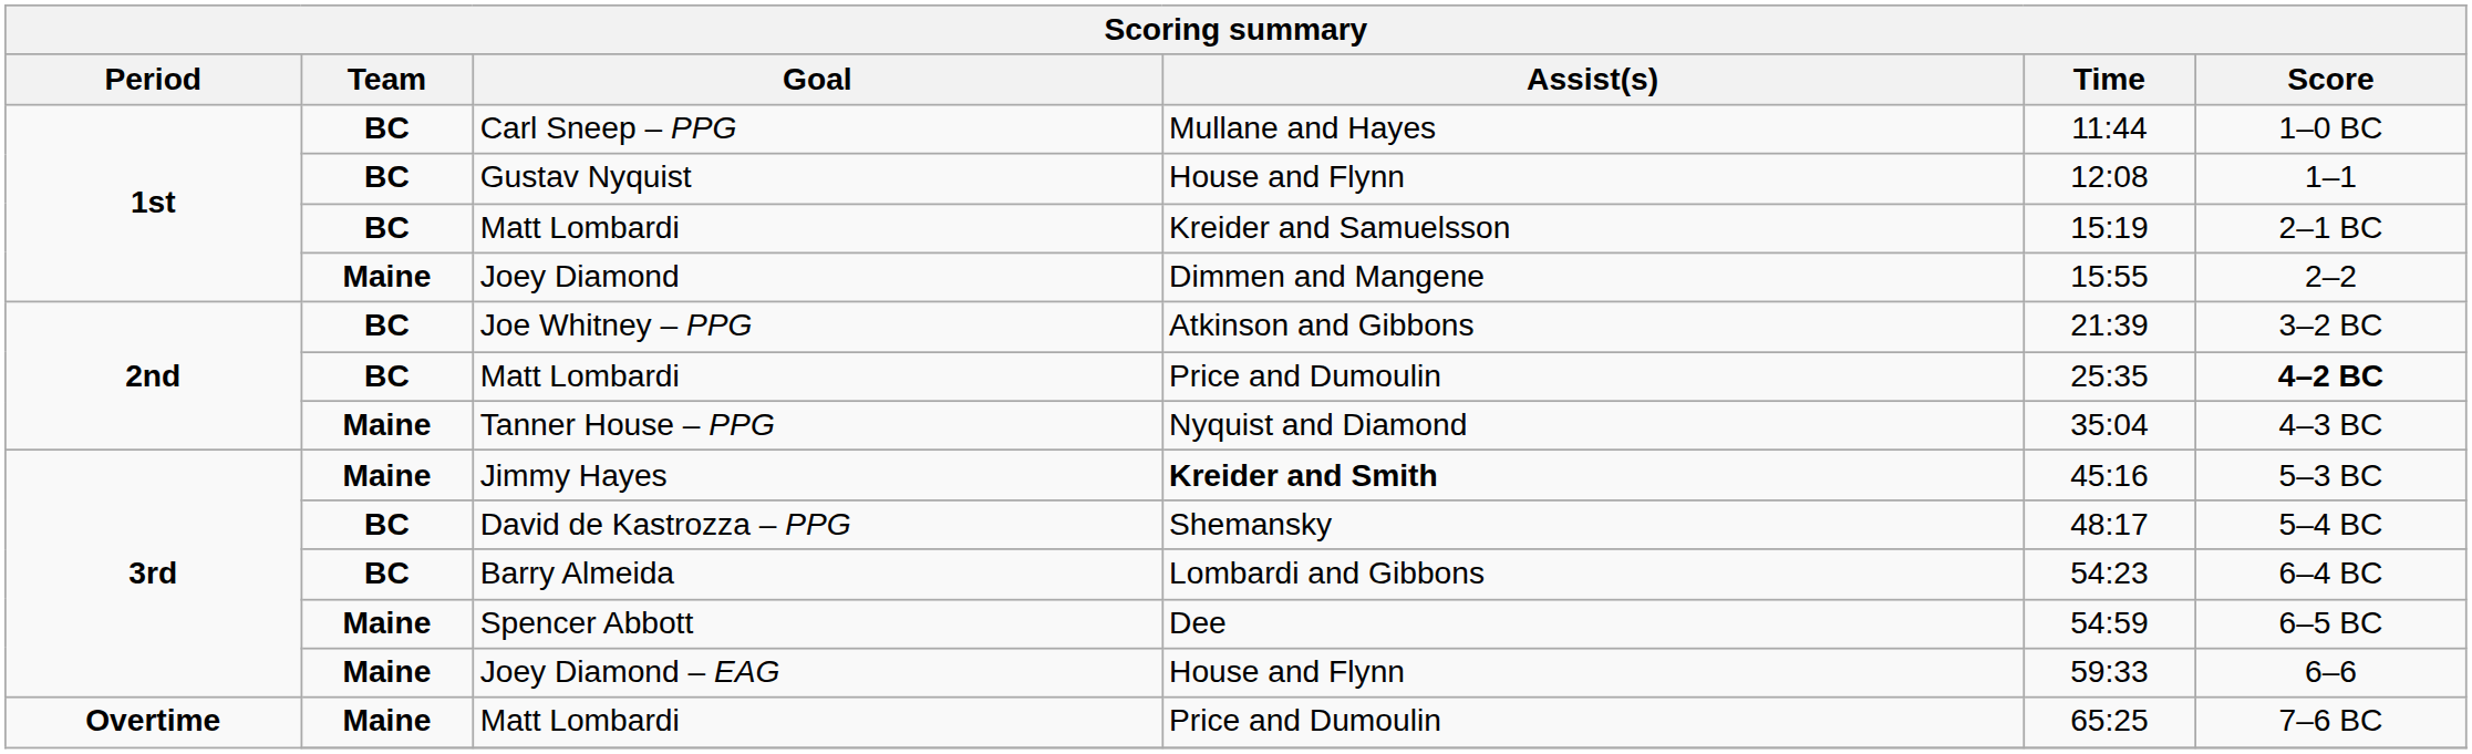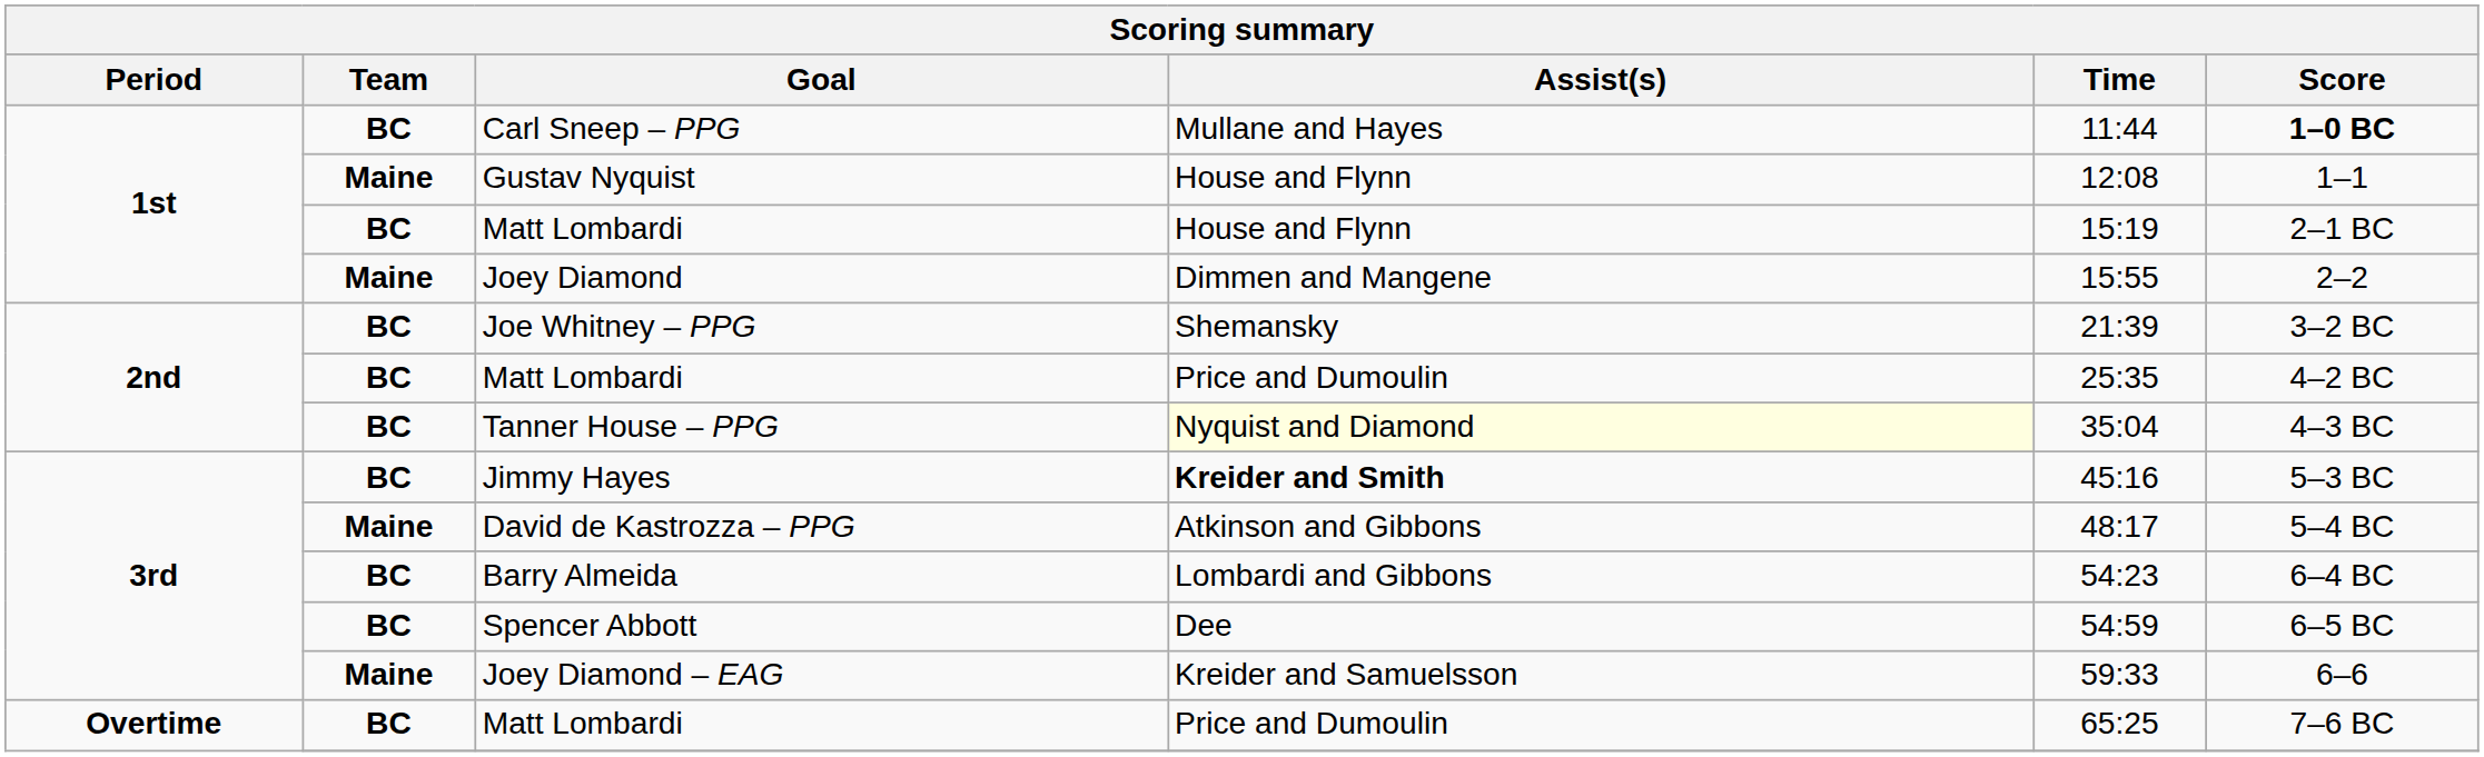 <table style="width:100%;" class="wikitable">
 <tr>
 <th colspan=6>Scoring summary</th>
 </tr>
 <tr>
 <th style="width:12%;">Period</th>
 <th style="width:7%;">Team</th>
 <th style="width:28%;">Goal</th>
 <th style="width:35%;">Assist(s)</th>
 <th style="width:7%;">Time</th>
 <th style="width:11%;">Score</th>
 </tr>
 <tr>
 <td style="text-align:center;" rowspan="4"><strong>1st</strong></td>
 <td align=center><strong>BC</strong></td>
 <td>Carl Sneep – <em>PPG</em></td>
 <td>Mullane and Hayes</td>
 <td align=center>11:44</td>
-<td align=center>1–0 BC</td>
+<td align=center><strong>1–0 BC</strong></td>
 </tr>
 <tr>
-<td align=center><strong>BC</strong></td>
+<td align=center><strong>Maine</strong></td>
 <td>Gustav Nyquist</td>
 <td>House and Flynn</td>
 <td align=center>12:08</td>
 <td align=center>1–1</td>
 </tr>
 <tr>
 <td align=center><strong>BC</strong></td>
 <td>Matt Lombardi</td>
-<td>Kreider and Samuelsson</td>
+<td>House and Flynn</td>
 <td align=center>15:19</td>
 <td align=center>2–1 BC</td>
 </tr>
 <tr>
 <td align=center><strong>Maine</strong></td>
 <td>Joey Diamond</td>
 <td>Dimmen and Mangene</td>
 <td align=center>15:55</td>
 <td align=center>2–2</td>
 </tr>
 <tr>
 <td style="text-align:center;" rowspan="3"><strong>2nd</strong></td>
 <td align=center><strong>BC</strong></td>
 <td>Joe Whitney – <em>PPG</em></td>
-<td>Atkinson and Gibbons</td>
+<td>Shemansky</td>
 <td align=center>21:39</td>
 <td align=center>3–2 BC</td>
 </tr>
 <tr>
 <td align=center><strong>BC</strong></td>
 <td>Matt Lombardi</td>
 <td>Price and Dumoulin</td>
 <td align=center>25:35</td>
-<td align=center><strong>4–2 BC</strong></td>
+<td align=center>4–2 BC</td>
 </tr>
 <tr>
-<td align=center><strong>Maine</strong></td>
+<td align=center><strong>BC</strong></td>
 <td>Tanner House – <em>PPG</em></td>
-<td>Nyquist and Diamond</td>
+<td style="background: lightyellow;">Nyquist and Diamond</td>
 <td align=center>35:04</td>
 <td align=center>4–3 BC</td>
 </tr>
 <tr>
 <td style="text-align:center;" rowspan="5"><strong>3rd</strong></td>
-<td align=center><strong>Maine</strong></td>
+<td align=center><strong>BC</strong></td>
 <td>Jimmy Hayes</td>
 <td><strong>Kreider and Smith</strong></td>
 <td align=center>45:16</td>
 <td align=center>5–3 BC</td>
 </tr>
 <tr>
-<td align=center><strong>BC</strong></td>
+<td align=center><strong>Maine</strong></td>
 <td>David de Kastrozza – <em>PPG</em></td>
-<td>Shemansky</td>
+<td>Atkinson and Gibbons</td>
 <td align=center>48:17</td>
 <td align=center>5–4 BC</td>
 </tr>
 <tr>
 <td align=center><strong>BC</strong></td>
 <td>Barry Almeida</td>
 <td>Lombardi and Gibbons</td>
 <td align=center>54:23</td>
 <td align=center>6–4 BC</td>
 </tr>
 <tr>
-<td align=center><strong>Maine</strong></td>
+<td align=center><strong>BC</strong></td>
 <td>Spencer Abbott</td>
 <td>Dee</td>
 <td align=center>54:59</td>
 <td align=center>6–5 BC</td>
 </tr>
 <tr>
 <td align=center><strong>Maine</strong></td>
 <td>Joey Diamond – <em>EAG</em></td>
-<td>House and Flynn</td>
+<td>Kreider and Samuelsson</td>
 <td align=center>59:33</td>
 <td align=center>6–6</td>
 </tr>
 <tr>
 <td style="text-align:center;" rowspan="5"><strong>Overtime</strong></td>
-<td align=center><strong>Maine</strong></td>
+<td align=center><strong>BC</strong></td>
 <td>Matt Lombardi</td>
 <td>Price and Dumoulin</td>
 <td align=center>65:25</td>
 <td align=center>7–6 BC</td>
 </tr>
 <tr>
 </tr>
 </table>
